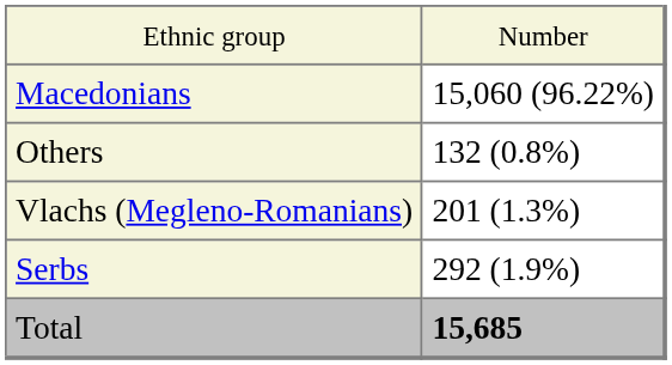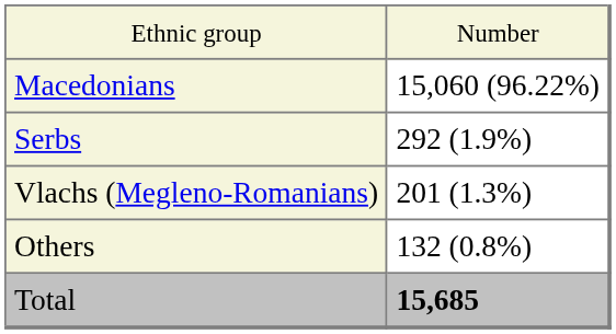 <table border=1 cellpadding=4 cellspacing=0 class="toccolours" style="align: left; margin: 0.5em 0 0 0; border-style: solid; border: 1px solid #7f7f7f; border-right-width: 2px; border-bottom-width: 2px; border-collapse: collapse; font-size: 95%;">
 <tr>
 <td style="background:#F5F5DC;" align="center"><small>Ethnic group</small></td>
 <td style="background:#F5F5DC;" align="center"><small>Number</small></td>
 </tr>
 <tr>
 <td style="background:#F5F5DC;"><a href='#'>Macedonians</a></td>
 <td>15,060 (96.22%)</td>
 </tr>
 <tr>
-<td style="background:#F5F5DC;">Others</td>
-<td>132 (0.8%)</td>
+<td style="background:#F5F5DC;"><a href='#'>Serbs</a></td>
+<td>292 (1.9%)</td>
 </tr>
 <tr>
 <td style="background:#F5F5DC;">Vlachs (<a href='#'>Megleno-Romanians</a>)</td>
 <td>201 (1.3%)</td>
 </tr>
 <tr>
-<td style="background:#F5F5DC;"><a href='#'>Serbs</a></td>
-<td>292 (1.9%)</td>
+<td style="background:#F5F5DC;">Others</td>
+<td>132 (0.8%)</td>
 </tr>
 <tr>
 <td style="background:#c1c1c1;">Total</td>
 <td style="background:#c1c1c1;"><strong>15,685</strong></td>
 </tr>
 </table>
